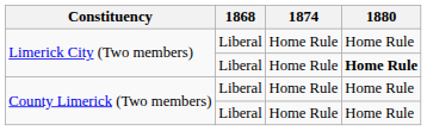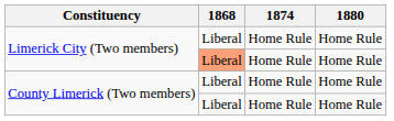 <table class="wikitable">
 <tr>
 <th>Constituency</th>
 <th>1868</th>
 <th>1874</th>
 <th>1880</th>
 </tr>
 <tr>
 <td rowspan="2"><a href='#'>Limerick City</a> (Two members)</td>
 <td>Liberal</td>
 <td>Home Rule</td>
 <td>Home Rule</td>
 </tr>
 <tr>
-<td>Liberal</td>
+<td style="background: lightsalmon;">Liberal</td>
 <td>Home Rule</td>
-<td><strong>Home Rule</strong></td>
+<td>Home Rule</td>
 </tr>
 <tr>
 <td rowspan="2"><a href='#'>County Limerick</a> (Two members)</td>
 <td>Liberal</td>
 <td>Home Rule</td>
 <td>Home Rule</td>
 </tr>
 <tr>
 <td>Liberal</td>
 <td>Home Rule</td>
 <td>Home Rule</td>
 </tr>
 </table>
